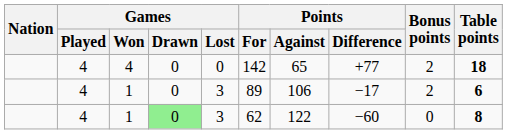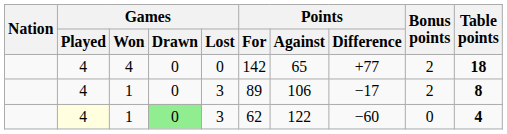 <table class="wikitable" style="text-align:center">
 <tr>
 <th rowspan=2>Nation</th>
 <th colspan=4>Games</th>
 <th colspan=3>Points</th>
 <th rowspan=2>Bonus<br>points</th>
 <th rowspan=2>Table<br>points</th>
 </tr>
 <tr>
 <th>Played</th>
 <th>Won</th>
 <th>Drawn</th>
 <th>Lost</th>
 <th>For</th>
 <th>Against</th>
 <th>Difference</th>
 </tr>
 <tr>
 <td align=left></td>
 <td>4</td>
 <td>4</td>
 <td>0</td>
 <td>0</td>
 <td>142</td>
 <td>65</td>
 <td>+77</td>
 <td>2</td>
 <td><strong>18</strong></td>
 </tr>
 <tr>
 <td align=left></td>
 <td>4</td>
 <td>1</td>
 <td>0</td>
 <td>3</td>
 <td>89</td>
 <td>106</td>
 <td>−17</td>
 <td>2</td>
-<td><strong>6</strong></td>
+<td><strong>8</strong></td>
 </tr>
 <tr>
 <td align=left></td>
-<td>4</td>
+<td style="background: lightyellow;">4</td>
 <td>1</td>
 <td style="background: lightgreen;">0</td>
 <td>3</td>
 <td>62</td>
 <td>122</td>
 <td>−60</td>
 <td>0</td>
-<td><strong>8</strong></td>
+<td><strong>4</strong></td>
 </tr>
 </table>
